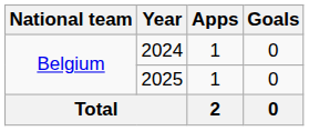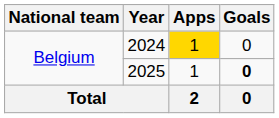 <table class="wikitable" style="text-align:center">
 <tr>
 <th>National team</th>
 <th>Year</th>
 <th>Apps</th>
 <th>Goals</th>
 </tr>
 <tr>
 <td rowspan="2"><a href='#'>Belgium</a></td>
 <td>2024</td>
-<td>1</td>
+<td style="background: gold;">1</td>
 <td>0</td>
 </tr>
 <tr>
 <td>2025</td>
 <td>1</td>
-<td>0</td>
+<td><strong>0</strong></td>
 </tr>
 <tr>
 <th colspan="2">Total</th>
 <th>2</th>
 <th>0</th>
 </tr>
 </table>
